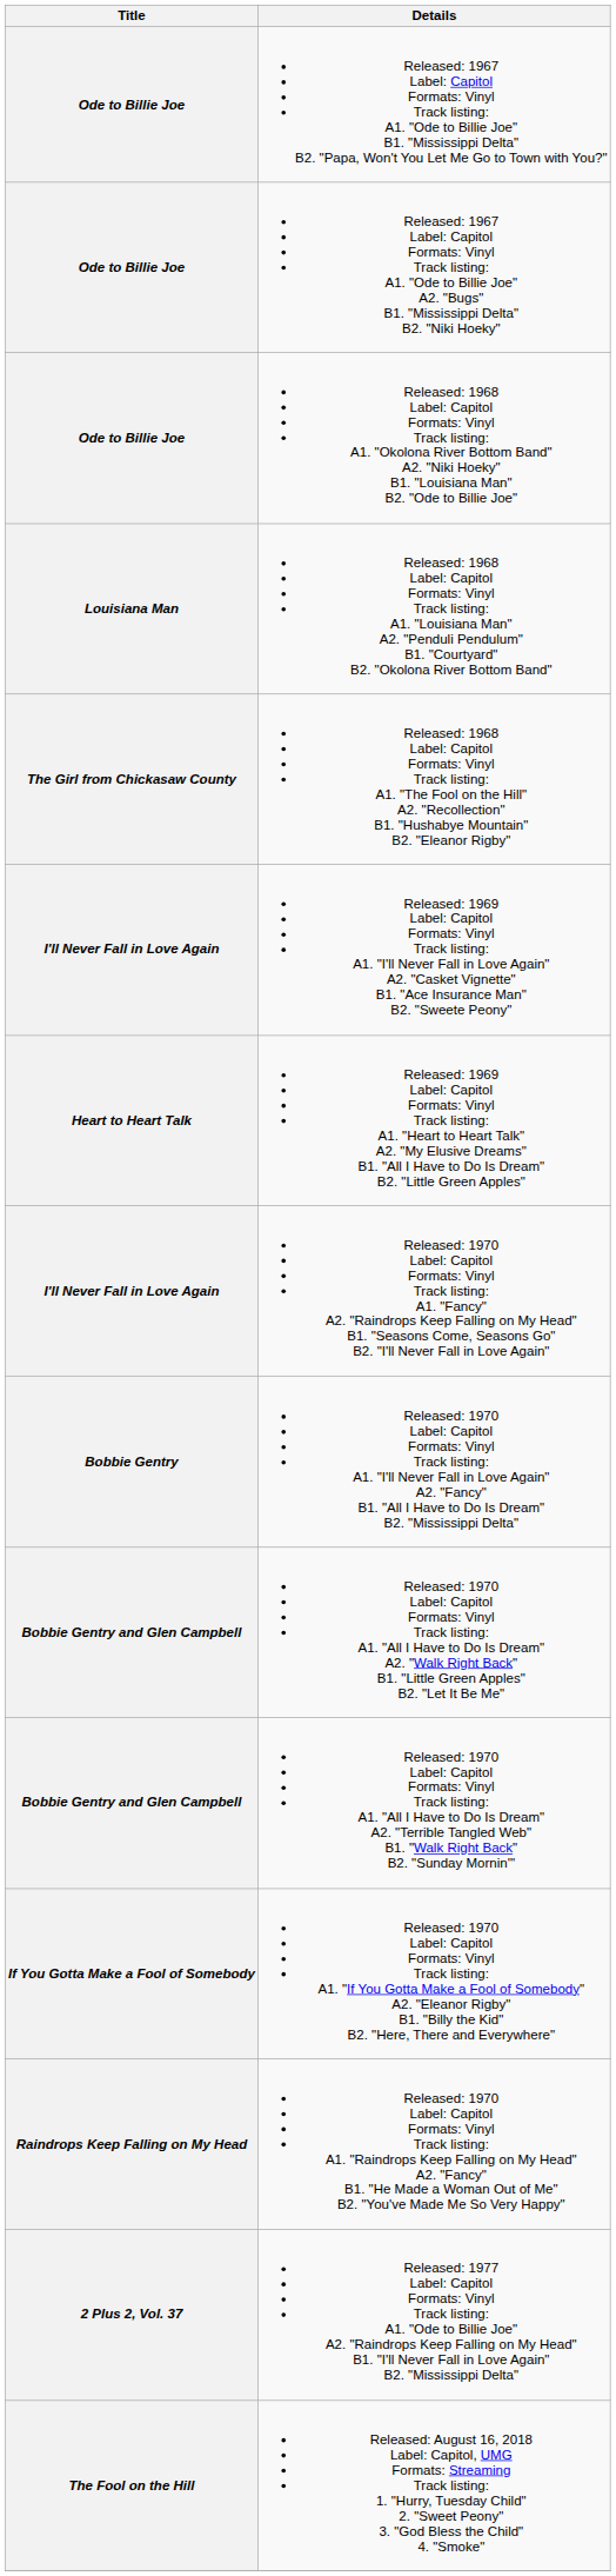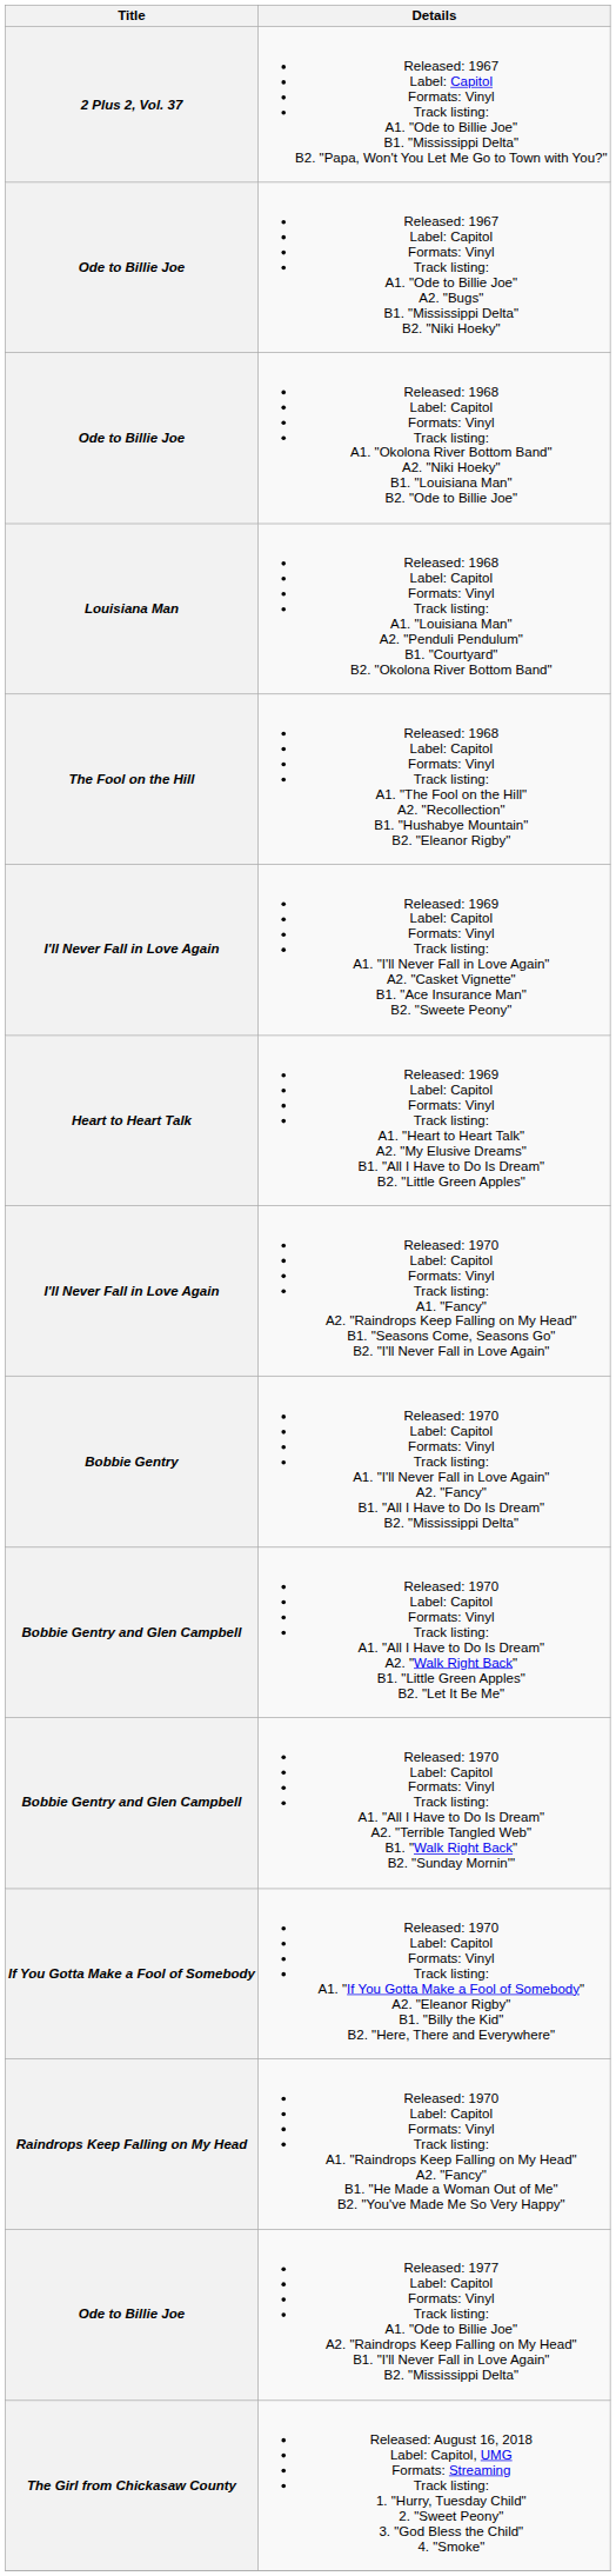 <table class="wikitable plainrowheaders" style="text-align:center;">
 <tr>
 <th scope="col">Title</th>
 <th scope="col">Details</th>
 </tr>
 <tr>
-<th scope="row"><em>Ode to Billie Joe</em></th>
+<th scope="row"><em>2 Plus 2, Vol. 37</em></th>
 <td><br><ul><li>Released: 1967 </li><li>Label: <a href='#'>Capitol</a> </li><li>Formats: Vinyl</li><li>Track listing:<br>A1. "Ode to Billie Joe"<br>B1. "Mississippi Delta"<br>B2. "Papa, Won't You Let Me Go to Town with You?"</li></ul></td>
 </tr>
 <tr>
 <th scope="row"><em>Ode to Billie Joe</em></th>
 <td><br><ul><li>Released: 1967 </li><li>Label: Capitol </li><li>Formats: Vinyl</li><li>Track listing:<br>A1. "Ode to Billie Joe"<br>A2. "Bugs"<br>B1. "Mississippi Delta"<br>B2. "Niki Hoeky"</li></ul></td>
 </tr>
 <tr>
 <th scope="row"><em>Ode to Billie Joe</em></th>
 <td><br><ul><li>Released: 1968 </li><li>Label: Capitol </li><li>Formats: Vinyl</li><li>Track listing:<br>A1. "Okolona River Bottom Band"<br>A2. "Niki Hoeky"<br>B1. "Louisiana Man"<br>B2. "Ode to Billie Joe"</li></ul></td>
 </tr>
 <tr>
 <th scope="row"><em>Louisiana Man</em></th>
 <td><br><ul><li>Released: 1968 </li><li>Label: Capitol </li><li>Formats: Vinyl</li><li>Track listing:<br>A1. "Louisiana Man"<br>A2. "Penduli Pendulum"<br>B1. "Courtyard"<br>B2. "Okolona River Bottom Band"</li></ul></td>
 </tr>
 <tr>
-<th scope="row"><em>The Girl from Chickasaw County</em></th>
+<th scope="row"><em>The Fool on the Hill</em></th>
 <td><br><ul><li>Released: 1968 </li><li>Label: Capitol </li><li>Formats: Vinyl</li><li>Track listing:<br>A1. "The Fool on the Hill"<br>A2. "Recollection"<br>B1. "Hushabye Mountain"<br>B2. "Eleanor Rigby"</li></ul></td>
 </tr>
 <tr>
 <th scope="row"><em>I'll Never Fall in Love Again</em></th>
 <td><br><ul><li>Released: 1969 </li><li>Label: Capitol </li><li>Formats: Vinyl</li><li>Track listing:<br>A1. "I'll Never Fall in Love Again"<br>A2. "Casket Vignette"<br>B1. "Ace Insurance Man"<br>B2. "Sweete Peony"</li></ul></td>
 </tr>
 <tr>
 <th scope="row"><em>Heart to Heart Talk</em><br></th>
 <td><br><ul><li>Released: 1969 </li><li>Label: Capitol </li><li>Formats: Vinyl</li><li>Track listing:<br>A1. "Heart to Heart Talk"<br>A2. "My Elusive Dreams"<br>B1. "All I Have to Do Is Dream"<br>B2. "Little Green Apples"</li></ul></td>
 </tr>
 <tr>
 <th scope="row"><em>I'll Never Fall in Love Again</em></th>
 <td><br><ul><li>Released: 1970 </li><li>Label: Capitol </li><li>Formats: Vinyl</li><li>Track listing:<br>A1. "Fancy"<br>A2. "Raindrops Keep Falling on My Head"<br>B1. "Seasons Come, Seasons Go"<br>B2. "I'll Never Fall in Love Again"</li></ul></td>
 </tr>
 <tr>
 <th scope="row"><em>Bobbie Gentry</em></th>
 <td><br><ul><li>Released: 1970 </li><li>Label: Capitol </li><li>Formats: Vinyl</li><li>Track listing:<br>A1. "I'll Never Fall in Love Again"<br>A2. "Fancy"<br>B1. "All I Have to Do Is Dream" <br>B2. "Mississippi Delta"</li></ul></td>
 </tr>
 <tr>
 <th scope="row"><em>Bobbie Gentry and Glen Campbell</em><br></th>
 <td><br><ul><li>Released: 1970 </li><li>Label: Capitol </li><li>Formats: Vinyl</li><li>Track listing:<br>A1. "All I Have to Do Is Dream"<br>A2. "<a href='#'>Walk Right Back</a>"<br>B1. "Little Green Apples"<br>B2. "Let It Be Me"</li></ul></td>
 </tr>
 <tr>
 <th scope="row"><em>Bobbie Gentry and Glen Campbell</em><br></th>
 <td><br><ul><li>Released: 1970 </li><li>Label: Capitol </li><li>Formats: Vinyl</li><li>Track listing:<br>A1. "All I Have to Do Is Dream"<br>A2. "Terrible Tangled Web"<br>B1. "<a href='#'>Walk Right Back</a>"<br>B2. "Sunday Mornin'"</li></ul></td>
 </tr>
 <tr>
 <th scope="row"><em>If You Gotta Make a Fool of Somebody</em></th>
 <td><br><ul><li>Released: 1970 </li><li>Label: Capitol </li><li>Formats: Vinyl</li><li>Track listing:<br>A1. "<a href='#'>If You Gotta Make a Fool of Somebody</a>"<br>A2. "Eleanor Rigby"<br>B1. "Billy the Kid"<br>B2. "Here, There and Everywhere"</li></ul></td>
 </tr>
 <tr>
 <th scope="row"><em>Raindrops Keep Falling on My Head</em></th>
 <td><br><ul><li>Released: 1970 </li><li>Label: Capitol </li><li>Formats: Vinyl</li><li>Track listing:<br>A1. "Raindrops Keep Falling on My Head"<br>A2. "Fancy"<br>B1. "He Made a Woman Out of Me"<br>B2. "You've Made Me So Very Happy"</li></ul></td>
 </tr>
 <tr>
-<th scope="row"><em>2 Plus 2, Vol. 37</em></th>
+<th scope="row"><em>Ode to Billie Joe</em></th>
 <td><br><ul><li>Released: 1977 </li><li>Label: Capitol </li><li>Formats: Vinyl</li><li>Track listing:<br>A1. "Ode to Billie Joe"<br>A2. "Raindrops Keep Falling on My Head"<br>B1. "I'll Never Fall in Love Again"<br>B2. "Mississippi Delta"</li></ul></td>
 </tr>
 <tr>
-<th scope="row"><em>The Fool on the Hill</em></th>
+<th scope="row"><em>The Girl from Chickasaw County</em></th>
 <td><br><ul><li>Released: August 16, 2018</li><li>Label: Capitol, <a href='#'>UMG</a></li><li>Formats: <a href='#'>Streaming</a></li><li>Track listing:<br>1. "Hurry, Tuesday Child" <br>2. "Sweet Peony" <br>3. "God Bless the Child"<br>4. "Smoke"</li></ul></td>
 </tr>
 <tr>
 </tr>
 </table>
